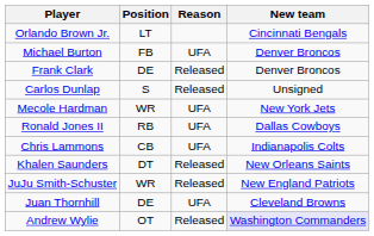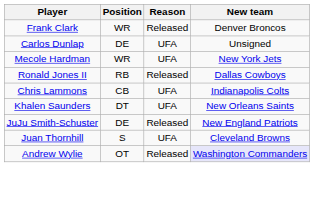 <table class="wikitable" style="text-align:center">
 <tr>
 <th>Player</th>
 <th>Position</th>
 <th>Reason</th>
 <th>New team</th>
 </tr>
 <tr>
-<td><a href='#'>Orlando Brown Jr.</a></td>
-<td>LT</td>
-<td></td>
-<td><a href='#'>Cincinnati Bengals</a></td>
-</tr>
-<tr>
-<td><a href='#'>Michael Burton</a></td>
-<td>FB</td>
-<td>UFA</td>
-<td><a href='#'>Denver Broncos</a></td>
-</tr>
-<tr>
 <td><a href='#'>Frank Clark</a></td>
-<td>DE</td>
+<td>WR</td>
 <td>Released</td>
 <td>Denver Broncos</td>
 </tr>
 <tr>
 <td><a href='#'>Carlos Dunlap</a></td>
-<td>S</td>
-<td>Released</td>
+<td>DE</td>
+<td>UFA</td>
 <td>Unsigned</td>
 </tr>
 <tr>
 <td><a href='#'>Mecole Hardman</a></td>
 <td>WR</td>
 <td>UFA</td>
 <td><a href='#'>New York Jets</a></td>
 </tr>
 <tr>
 <td><a href='#'>Ronald Jones II</a></td>
 <td>RB</td>
-<td>UFA</td>
+<td>Released</td>
 <td><a href='#'>Dallas Cowboys</a></td>
 </tr>
 <tr>
 <td><a href='#'>Chris Lammons</a></td>
 <td>CB</td>
 <td>UFA</td>
 <td><a href='#'>Indianapolis Colts</a></td>
 </tr>
 <tr>
 <td><a href='#'>Khalen Saunders</a></td>
 <td>DT</td>
-<td>Released</td>
+<td>UFA</td>
 <td><a href='#'>New Orleans Saints</a></td>
 </tr>
 <tr>
 <td><a href='#'>JuJu Smith-Schuster</a></td>
-<td>WR</td>
+<td>DE</td>
 <td>Released</td>
 <td><a href='#'>New England Patriots</a></td>
 </tr>
 <tr>
 <td><a href='#'>Juan Thornhill</a></td>
-<td>DE</td>
+<td>S</td>
 <td>UFA</td>
 <td><a href='#'>Cleveland Browns</a></td>
 </tr>
 <tr>
 <td><a href='#'>Andrew Wylie</a></td>
 <td>OT</td>
 <td>Released</td>
 <td style="background: lavender;"><a href='#'>Washington Commanders</a></td>
 </tr>
 </table>
